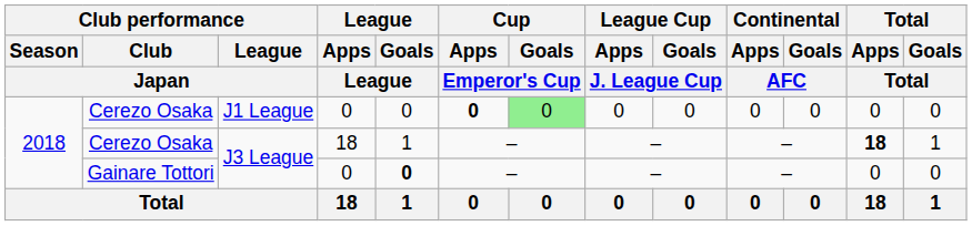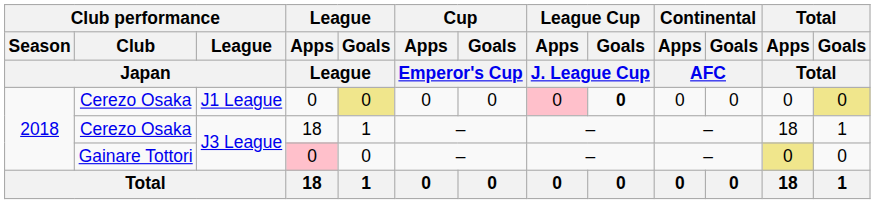 <table class="wikitable" style="text-align:center;">
 <tr>
 <th colspan=3>Club performance</th>
 <th colspan=2>League</th>
 <th colspan=2>Cup</th>
 <th colspan=2>League Cup</th>
 <th colspan=2>Continental</th>
 <th colspan=2>Total</th>
 </tr>
 <tr>
 <th>Season</th>
 <th>Club</th>
 <th>League</th>
 <th>Apps</th>
 <th>Goals</th>
 <th>Apps</th>
 <th>Goals</th>
 <th>Apps</th>
 <th>Goals</th>
 <th>Apps</th>
 <th>Goals</th>
 <th>Apps</th>
 <th>Goals</th>
 </tr>
 <tr>
 <th colspan=3>Japan</th>
 <th colspan=2>League</th>
 <th colspan=2><a href='#'>Emperor's Cup</a></th>
 <th colspan=2><a href='#'>J. League Cup</a></th>
 <th colspan=2><a href='#'>AFC</a></th>
 <th colspan=2>Total</th>
 </tr>
 <tr>
 <td rowspan="3"><a href='#'>2018</a></td>
 <td><a href='#'>Cerezo Osaka</a></td>
 <td><a href='#'>J1 League</a></td>
 <td>0</td>
+<td style="background: khaki;">0</td>
 <td>0</td>
+<td>0</td>
+<td style="background: pink;">0</td>
 <td><strong>0</strong></td>
-<td style="background: lightgreen;">0</td>
 <td>0</td>
 <td>0</td>
 <td>0</td>
-<td>0</td>
-<td>0</td>
-<td>0</td>
+<td style="background: khaki;">0</td>
 </tr>
 <tr>
 <td><a href='#'>Cerezo Osaka</a></td>
 <td rowspan="2"><a href='#'>J3 League</a></td>
 <td>18</td>
 <td>1</td>
 <td colspan="2">–</td>
 <td colspan="2">–</td>
 <td colspan="2">–</td>
-<td><strong>18</strong></td>
+<td>18</td>
 <td>1</td>
 </tr>
 <tr>
 <td><a href='#'>Gainare Tottori</a></td>
+<td style="background: pink;">0</td>
 <td>0</td>
-<td><strong>0</strong></td>
 <td colspan="2">–</td>
 <td colspan="2">–</td>
 <td colspan="2">–</td>
-<td>0</td>
+<td style="background: khaki;">0</td>
 <td>0</td>
 </tr>
 <tr>
 <th colspan=3>Total</th>
 <th>18</th>
 <th>1</th>
 <th>0</th>
 <th>0</th>
 <th>0</th>
 <th>0</th>
 <th>0</th>
 <th>0</th>
 <th>18</th>
 <th>1</th>
 </tr>
 </table>
